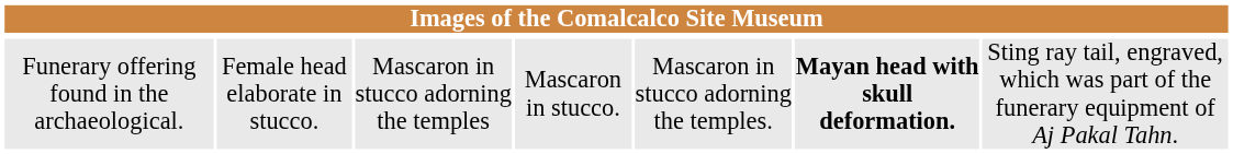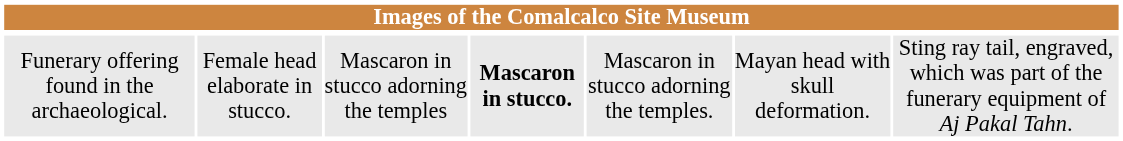 <table class="toc" cellpadding=0 cellspacing=2 width=800px style="float:center; margin: 0.5em 0.5em 0.5em 1em; padding: 0.5e">
 <tr>
 <td colspan=8 style="background:Peru; color:white; font-size:100%" align=center bgcolor="green"><strong>Images of the Comalcalco Site Museum</strong></td>
 </tr>
 <tr>
 <td align=center valign=center bgcolor="white"></td>
 <td align=center valign=center bgcolor="white"></td>
 <td align=center valign=center bgcolor="white"></td>
 <td align=center valign=center bgcolor="white"></td>
 <td align=center valign=center bgcolor="white"></td>
 <td align=center valign=center bgcolor="white"></td>
 <td align=center valign=center bgcolor="white"></td>
 </tr>
 <tr>
 <td style="background:#e9e9e9;" align=center>Funerary offering found in the archaeological.</td>
 <td style="background:#e9e9e9;" align=center>Female head elaborate in stucco.</td>
 <td style="background:#e9e9e9;" align=center>Mascaron in stucco adorning the temples</td>
-<td style="background:#e9e9e9;" align=center>Mascaron in stucco.</td>
+<td style="background:#e9e9e9;" align=center><strong>Mascaron in stucco.</strong></td>
 <td style="background:#e9e9e9;" align=center>Mascaron in stucco adorning the temples.</td>
-<td style="background:#e9e9e9;" align=center><strong>Mayan head with skull deformation.</strong></td>
+<td style="background:#e9e9e9;" align=center>Mayan head with skull deformation.</td>
 <td style="background:#e9e9e9;" align=center>Sting ray tail, engraved, which was part of the funerary equipment of <em>Aj Pakal Tahn</em>.</td>
 </tr>
 <tr>
 </tr>
 </table>
